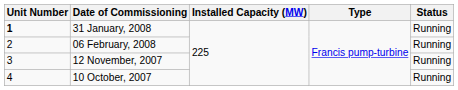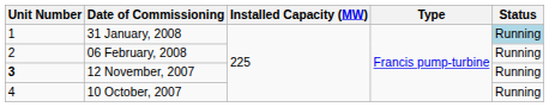 <table class="sortable wikitable">
 <tr>
 <th>Unit Number</th>
 <th>Date of Commissioning </th>
 <th>Installed Capacity (<a href='#'>MW</a>)</th>
 <th>Type</th>
 <th>Status</th>
 </tr>
 <tr>
-<td><strong>1</strong></td>
+<td>1</td>
 <td>31 January, 2008</td>
 <td rowspan="4">225</td>
 <td rowspan="4"><a href='#'>Francis pump-turbine</a></td>
-<td>Running</td>
+<td style="background: lightblue;">Running</td>
 </tr>
 <tr>
 <td>2</td>
 <td>06 February, 2008</td>
 <td>Running</td>
 </tr>
 <tr>
-<td>3</td>
+<td><strong>3</strong></td>
 <td>12 November, 2007</td>
 <td>Running</td>
 </tr>
 <tr>
 <td>4</td>
 <td>10 October, 2007</td>
 <td>Running</td>
 </tr>
 </table>
